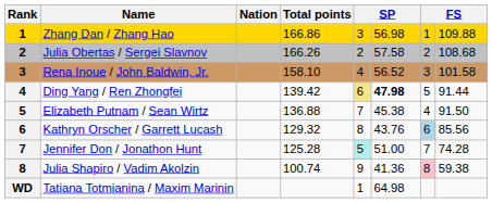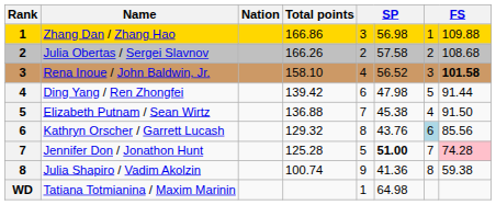 <table class="wikitable">
 <tr>
 <th>Rank</th>
 <th>Name</th>
 <th>Nation</th>
 <th>Total points</th>
 <th colspan="2" width="80px"><a href='#'>SP</a></th>
 <th colspan="2" width="80px"><a href='#'>FS</a></th>
 </tr>
 <tr bgcolor="gold">
 <td align="center"><strong>1</strong></td>
 <td><a href='#'>Zhang Dan</a> / <a href='#'>Zhang Hao</a></td>
 <td></td>
 <td>166.86</td>
 <td>3</td>
 <td>56.98</td>
 <td>1</td>
 <td>109.88</td>
 </tr>
 <tr bgcolor="silver">
 <td align="center"><strong>2</strong></td>
 <td><a href='#'>Julia Obertas</a> / <a href='#'>Sergei Slavnov</a></td>
 <td></td>
 <td>166.26</td>
 <td>2</td>
 <td>57.58</td>
 <td>2</td>
 <td>108.68</td>
 </tr>
 <tr bgcolor="cc9966">
 <td align="center"><strong>3</strong></td>
 <td><a href='#'>Rena Inoue</a> / <a href='#'>John Baldwin, Jr.</a></td>
 <td></td>
 <td>158.10</td>
 <td>4</td>
 <td>56.52</td>
 <td>3</td>
-<td>101.58</td>
+<td><strong>101.58</strong></td>
 </tr>
 <tr>
 <th>4</th>
 <td><a href='#'>Ding Yang</a> / <a href='#'>Ren Zhongfei</a></td>
 <td></td>
 <td>139.42</td>
-<td style="background: khaki;">6</td>
-<td><strong>47.98</strong></td>
+<td>6</td>
+<td>47.98</td>
 <td>5</td>
 <td>91.44</td>
 </tr>
 <tr>
 <th>5</th>
 <td><a href='#'>Elizabeth Putnam</a> / <a href='#'>Sean Wirtz</a></td>
 <td></td>
 <td>136.88</td>
 <td>7</td>
 <td>45.38</td>
 <td>4</td>
 <td>91.50</td>
 </tr>
 <tr>
 <th>6</th>
 <td><a href='#'>Kathryn Orscher</a> / <a href='#'>Garrett Lucash</a></td>
 <td></td>
 <td>129.32</td>
 <td>8</td>
 <td>43.76</td>
 <td style="background: lightblue;">6</td>
 <td>85.56</td>
 </tr>
 <tr>
 <th>7</th>
 <td><a href='#'>Jennifer Don</a> / <a href='#'>Jonathon Hunt</a></td>
 <td></td>
 <td>125.28</td>
-<td style="background: paleturquoise;">5</td>
-<td>51.00</td>
+<td>5</td>
+<td><strong>51.00</strong></td>
 <td>7</td>
-<td>74.28</td>
+<td style="background: pink;">74.28</td>
 </tr>
 <tr>
 <th>8</th>
 <td><a href='#'>Julia Shapiro</a> / <a href='#'>Vadim Akolzin</a></td>
 <td></td>
 <td>100.74</td>
 <td>9</td>
 <td>41.36</td>
-<td style="background: pink;">8</td>
+<td>8</td>
 <td>59.38</td>
 </tr>
 <tr>
 <th>WD</th>
 <td><a href='#'>Tatiana Totmianina</a> / <a href='#'>Maxim Marinin</a></td>
 <td></td>
 <td></td>
 <td>1</td>
 <td>64.98</td>
 <td></td>
 <td></td>
 </tr>
 </table>
